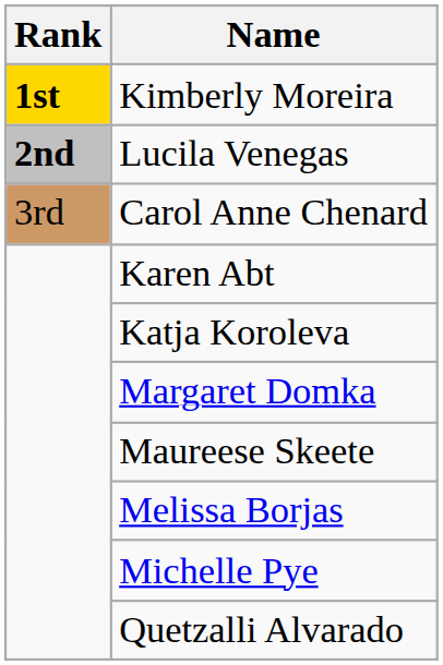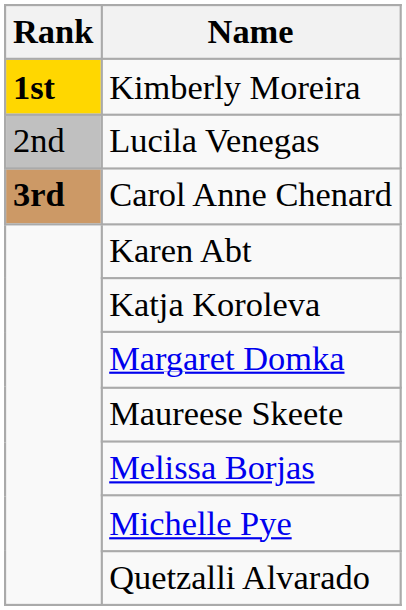 <table class="wikitable">
 <tr>
 <th>Rank</th>
 <th>Name</th>
 </tr>
 <tr>
 <td scope=col style="background-color: gold"><strong>1st</strong></td>
 <td> Kimberly Moreira</td>
 </tr>
 <tr>
-<td scope=col style="background-color: silver"><strong>2nd</strong></td>
+<td scope=col style="background-color: silver">2nd</td>
 <td> Lucila Venegas</td>
 </tr>
 <tr>
-<td scope=col style="background-color: #cc9966">3rd</td>
+<td scope=col style="background-color: #cc9966"><strong>3rd</strong></td>
 <td> Carol Anne Chenard</td>
 </tr>
 <tr>
 <td rowspan="7"> </td>
 <td> Karen Abt</td>
 </tr>
 <tr>
 <td> Katja Koroleva</td>
 </tr>
 <tr>
 <td> <a href='#'>Margaret Domka</a></td>
 </tr>
 <tr>
 <td> Maureese Skeete</td>
 </tr>
 <tr>
 <td> <a href='#'>Melissa Borjas</a></td>
 </tr>
 <tr>
 <td> <a href='#'>Michelle Pye</a></td>
 </tr>
 <tr>
 <td> Quetzalli Alvarado</td>
 </tr>
 </table>
